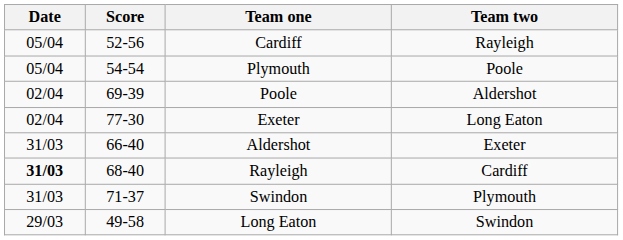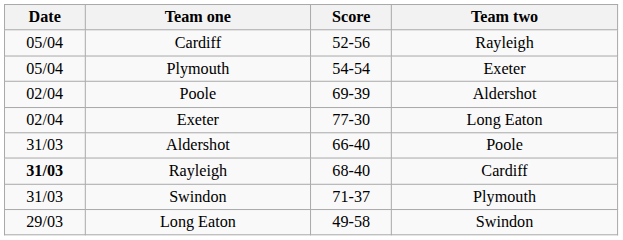 <table class="wikitable" style="text-align: center">
 <tr>
 <th width=80>Date</th>
+<th width=250>Team one</th>
 <th width=80>Score</th>
-<th width=250>Team one</th>
 <th width=250>Team two</th>
 </tr>
 <tr>
 <td>05/04</td>
+<td>Cardiff</td>
 <td>52-56</td>
-<td>Cardiff</td>
 <td>Rayleigh</td>
 </tr>
 <tr>
 <td>05/04</td>
+<td>Plymouth</td>
 <td>54-54</td>
-<td>Plymouth</td>
-<td>Poole</td>
+<td>Exeter</td>
 </tr>
 <tr>
 <td>02/04</td>
+<td>Poole</td>
 <td>69-39</td>
-<td>Poole</td>
 <td>Aldershot</td>
 </tr>
 <tr>
 <td>02/04</td>
+<td>Exeter</td>
 <td>77-30</td>
-<td>Exeter</td>
 <td>Long Eaton</td>
 </tr>
 <tr>
 <td>31/03</td>
+<td>Aldershot</td>
 <td>66-40</td>
-<td>Aldershot</td>
-<td>Exeter</td>
+<td>Poole</td>
 </tr>
 <tr>
 <td><strong>31/03</strong></td>
+<td>Rayleigh</td>
 <td>68-40</td>
-<td>Rayleigh</td>
 <td>Cardiff</td>
 </tr>
 <tr>
 <td>31/03</td>
+<td>Swindon</td>
 <td>71-37</td>
-<td>Swindon</td>
 <td>Plymouth</td>
 </tr>
 <tr>
 <td>29/03</td>
+<td>Long Eaton</td>
 <td>49-58</td>
-<td>Long Eaton</td>
 <td>Swindon</td>
 </tr>
 </table>
